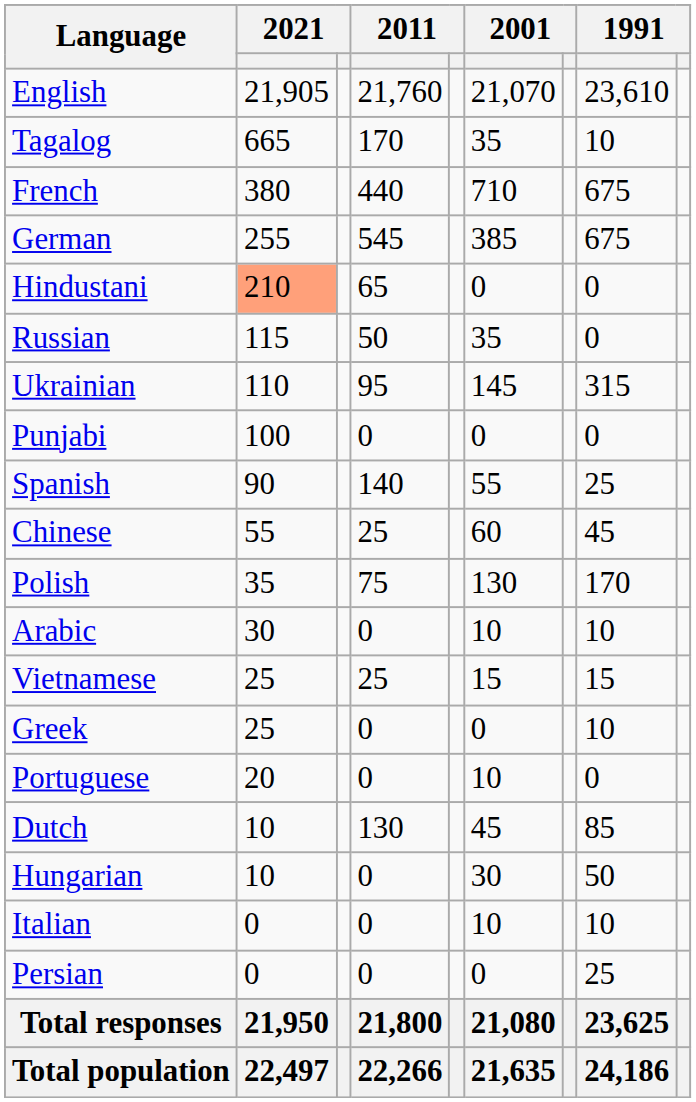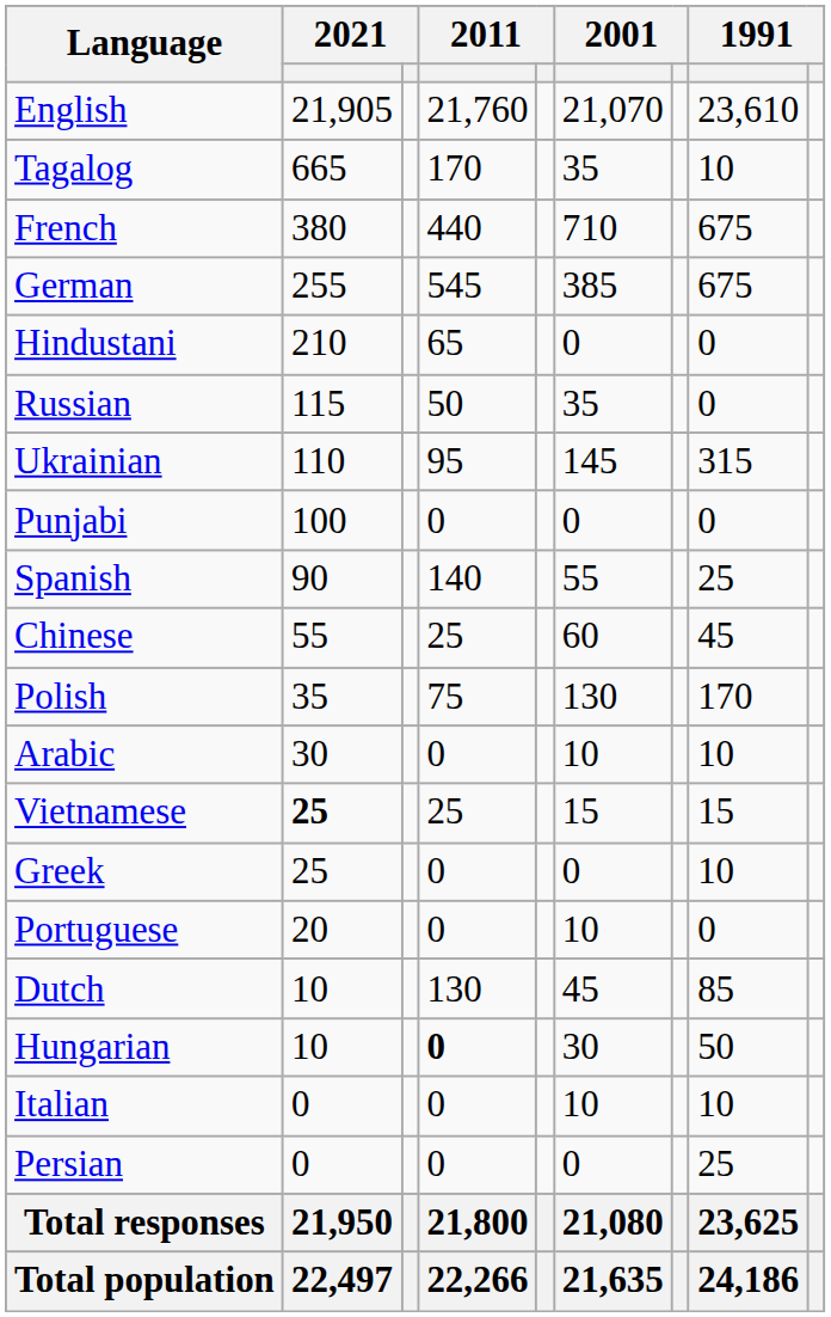 <table class="wikitable collapsible sortable">
 <tr>
 <th rowspan="2">Language</th>
 <th colspan="2">2021</th>
 <th colspan="2">2011</th>
 <th colspan="2">2001</th>
 <th colspan="2">1991</th>
 </tr>
 <tr>
 <th><a href='#'></a></th>
 <th></th>
 <th></th>
 <th></th>
 <th></th>
 <th></th>
 <th></th>
 <th></th>
 </tr>
 <tr>
 <td><a href='#'>English</a></td>
 <td>21,905</td>
 <td></td>
 <td>21,760</td>
 <td></td>
 <td>21,070</td>
 <td></td>
 <td>23,610</td>
 <td></td>
 </tr>
 <tr>
 <td><a href='#'>Tagalog</a></td>
 <td>665</td>
 <td></td>
 <td>170</td>
 <td></td>
 <td>35</td>
 <td></td>
 <td>10</td>
 <td></td>
 </tr>
 <tr>
 <td><a href='#'>French</a></td>
 <td>380</td>
 <td></td>
 <td>440</td>
 <td></td>
 <td>710</td>
 <td></td>
 <td>675</td>
 <td></td>
 </tr>
 <tr>
 <td><a href='#'>German</a></td>
 <td>255</td>
 <td></td>
 <td>545</td>
 <td></td>
 <td>385</td>
 <td></td>
 <td>675</td>
 <td></td>
 </tr>
 <tr>
 <td><a href='#'>Hindustani</a></td>
-<td style="background: lightsalmon;">210</td>
+<td>210</td>
 <td></td>
 <td>65</td>
 <td></td>
 <td>0</td>
 <td></td>
 <td>0</td>
 <td></td>
 </tr>
 <tr>
 <td><a href='#'>Russian</a></td>
 <td>115</td>
 <td></td>
 <td>50</td>
 <td></td>
 <td>35</td>
 <td></td>
 <td>0</td>
 <td></td>
 </tr>
 <tr>
 <td><a href='#'>Ukrainian</a></td>
 <td>110</td>
 <td></td>
 <td>95</td>
 <td></td>
 <td>145</td>
 <td></td>
 <td>315</td>
 <td></td>
 </tr>
 <tr>
 <td><a href='#'>Punjabi</a></td>
 <td>100</td>
 <td></td>
 <td>0</td>
 <td></td>
 <td>0</td>
 <td></td>
 <td>0</td>
 <td></td>
 </tr>
 <tr>
 <td><a href='#'>Spanish</a></td>
 <td>90</td>
 <td></td>
 <td>140</td>
 <td></td>
 <td>55</td>
 <td></td>
 <td>25</td>
 <td></td>
 </tr>
 <tr>
 <td><a href='#'>Chinese</a></td>
 <td>55</td>
 <td></td>
 <td>25</td>
 <td></td>
 <td>60</td>
 <td></td>
 <td>45</td>
 <td></td>
 </tr>
 <tr>
 <td><a href='#'>Polish</a></td>
 <td>35</td>
 <td></td>
 <td>75</td>
 <td></td>
 <td>130</td>
 <td></td>
 <td>170</td>
 <td></td>
 </tr>
 <tr>
 <td><a href='#'>Arabic</a></td>
 <td>30</td>
 <td></td>
 <td>0</td>
 <td></td>
 <td>10</td>
 <td></td>
 <td>10</td>
 <td></td>
 </tr>
 <tr>
 <td><a href='#'>Vietnamese</a></td>
-<td>25</td>
+<td><strong>25</strong></td>
 <td></td>
 <td>25</td>
 <td></td>
 <td>15</td>
 <td></td>
 <td>15</td>
 <td></td>
 </tr>
 <tr>
 <td><a href='#'>Greek</a></td>
 <td>25</td>
 <td></td>
 <td>0</td>
 <td></td>
 <td>0</td>
 <td></td>
 <td>10</td>
 <td></td>
 </tr>
 <tr>
 <td><a href='#'>Portuguese</a></td>
 <td>20</td>
 <td></td>
 <td>0</td>
 <td></td>
 <td>10</td>
 <td></td>
 <td>0</td>
 <td></td>
 </tr>
 <tr>
 <td><a href='#'>Dutch</a></td>
 <td>10</td>
 <td></td>
 <td>130</td>
 <td></td>
 <td>45</td>
 <td></td>
 <td>85</td>
 <td></td>
 </tr>
 <tr>
 <td><a href='#'>Hungarian</a></td>
 <td>10</td>
 <td></td>
-<td>0</td>
+<td><strong>0</strong></td>
 <td></td>
 <td>30</td>
 <td></td>
 <td>50</td>
 <td></td>
 </tr>
 <tr>
 <td><a href='#'>Italian</a></td>
 <td>0</td>
 <td></td>
 <td>0</td>
 <td></td>
 <td>10</td>
 <td></td>
 <td>10</td>
 <td></td>
 </tr>
 <tr>
 <td><a href='#'>Persian</a></td>
 <td>0</td>
 <td></td>
 <td>0</td>
 <td></td>
 <td>0</td>
 <td></td>
 <td>25</td>
 <td></td>
 </tr>
 <tr>
 <th>Total responses</th>
 <th>21,950</th>
 <th></th>
 <th>21,800</th>
 <th></th>
 <th>21,080</th>
 <th></th>
 <th>23,625</th>
 <th></th>
 </tr>
 <tr>
 <th>Total population</th>
 <th>22,497</th>
 <th></th>
 <th>22,266</th>
 <th></th>
 <th>21,635</th>
 <th></th>
 <th>24,186</th>
 <th></th>
 </tr>
 </table>
